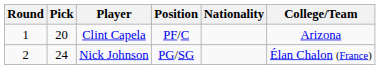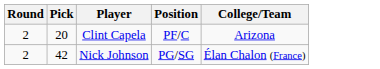 <table class="wikitable sortable sortable">
 <tr>
 <th>Round</th>
 <th>Pick</th>
 <th>Player</th>
 <th>Position</th>
-<th>Nationality</th>
 <th>College/Team</th>
 </tr>
 <tr style="text-align: center">
-<td>1</td>
+<td>2</td>
 <td>20</td>
 <td><a href='#'>Clint Capela</a></td>
 <td><a href='#'>PF</a>/<a href='#'>C</a></td>
-<td></td>
 <td><a href='#'>Arizona</a></td>
 </tr>
 <tr style="text-align: center">
 <td>2</td>
-<td>24</td>
+<td>42</td>
 <td><a href='#'>Nick Johnson</a></td>
 <td><a href='#'>PG</a>/<a href='#'>SG</a></td>
-<td></td>
 <td><a href='#'>Élan Chalon</a> <small>(<a href='#'>France</a>)</small></td>
 </tr>
 </table>
